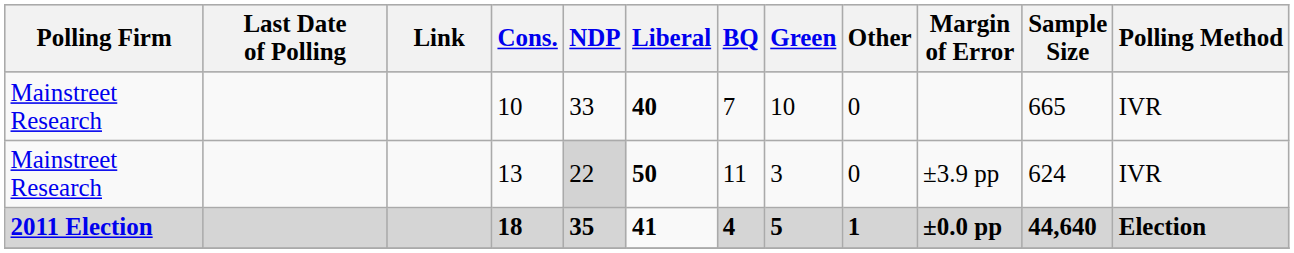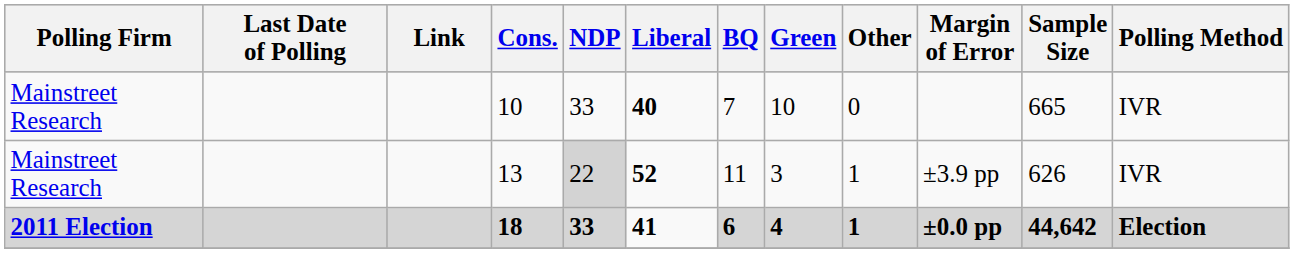 <table class="wikitable sortable">
 <tr style="background:#e9e9e9;">
 <th style="width:120px">Polling Firm</th>
 <th style="width:110px">Last Date<br>of Polling</th>
 <th style="width:60px" class="unsortable">Link</th>
 <th style="background-color:"><strong><a href='#'>Cons.</a></strong></th>
 <th style="background-color:"><strong><a href='#'>NDP</a></strong></th>
 <th style="background-color:"><strong><a href='#'>Liberal</a></strong></th>
 <th style="background-color:"><strong><a href='#'>BQ</a></strong></th>
 <th style="background-color:"><strong><a href='#'>Green</a></strong></th>
 <th style="background-color:"><strong>Other</strong></th>
 <th style="width:60px;" class=unsortable>Margin<br>of Error</th>
 <th style="width:50px;" class=unsortable>Sample<br>Size</th>
 <th class=unsortable>Polling Method</th>
 </tr>
 <tr>
 <td><a href='#'>Mainstreet Research</a></td>
 <td></td>
 <td></td>
 <td>10</td>
 <td>33</td>
 <td><strong>40</strong></td>
 <td>7</td>
 <td>10</td>
 <td>0</td>
 <td></td>
 <td>665</td>
 <td>IVR</td>
 </tr>
 <tr>
 <td><a href='#'>Mainstreet Research</a></td>
 <td></td>
 <td></td>
 <td>13</td>
 <td style="background: lightgrey;">22</td>
-<td><strong>50</strong></td>
+<td><strong>52</strong></td>
 <td>11</td>
 <td>3</td>
-<td>0</td>
+<td>1</td>
 <td>±3.9 pp</td>
-<td>624</td>
+<td>626</td>
 <td>IVR</td>
 </tr>
 <tr>
 <td style="background:#D5D5D5"><strong><a href='#'>2011 Election</a></strong></td>
 <td style="background:#D5D5D5"><strong></strong></td>
 <td style="background:#D5D5D5"></td>
 <td style="background:#D5D5D5"><strong>18</strong></td>
-<td style="background:#D5D5D5"><strong>35</strong></td>
+<td style="background:#D5D5D5"><strong>33</strong></td>
 <td><strong>41</strong></td>
+<td style="background:#D5D5D5"><strong>6</strong></td>
 <td style="background:#D5D5D5"><strong>4</strong></td>
-<td style="background:#D5D5D5"><strong>5</strong></td>
 <td style="background:#D5D5D5"><strong>1</strong></td>
 <td style="background:#D5D5D5"><strong>±0.0 pp</strong></td>
-<td style="background:#D5D5D5"><strong>44,640</strong></td>
+<td style="background:#D5D5D5"><strong>44,642</strong></td>
 <td style="background:#D5D5D5"><strong>Election</strong></td>
 </tr>
 <tr>
 </tr>
 <tr>
 </tr>
 </table>
